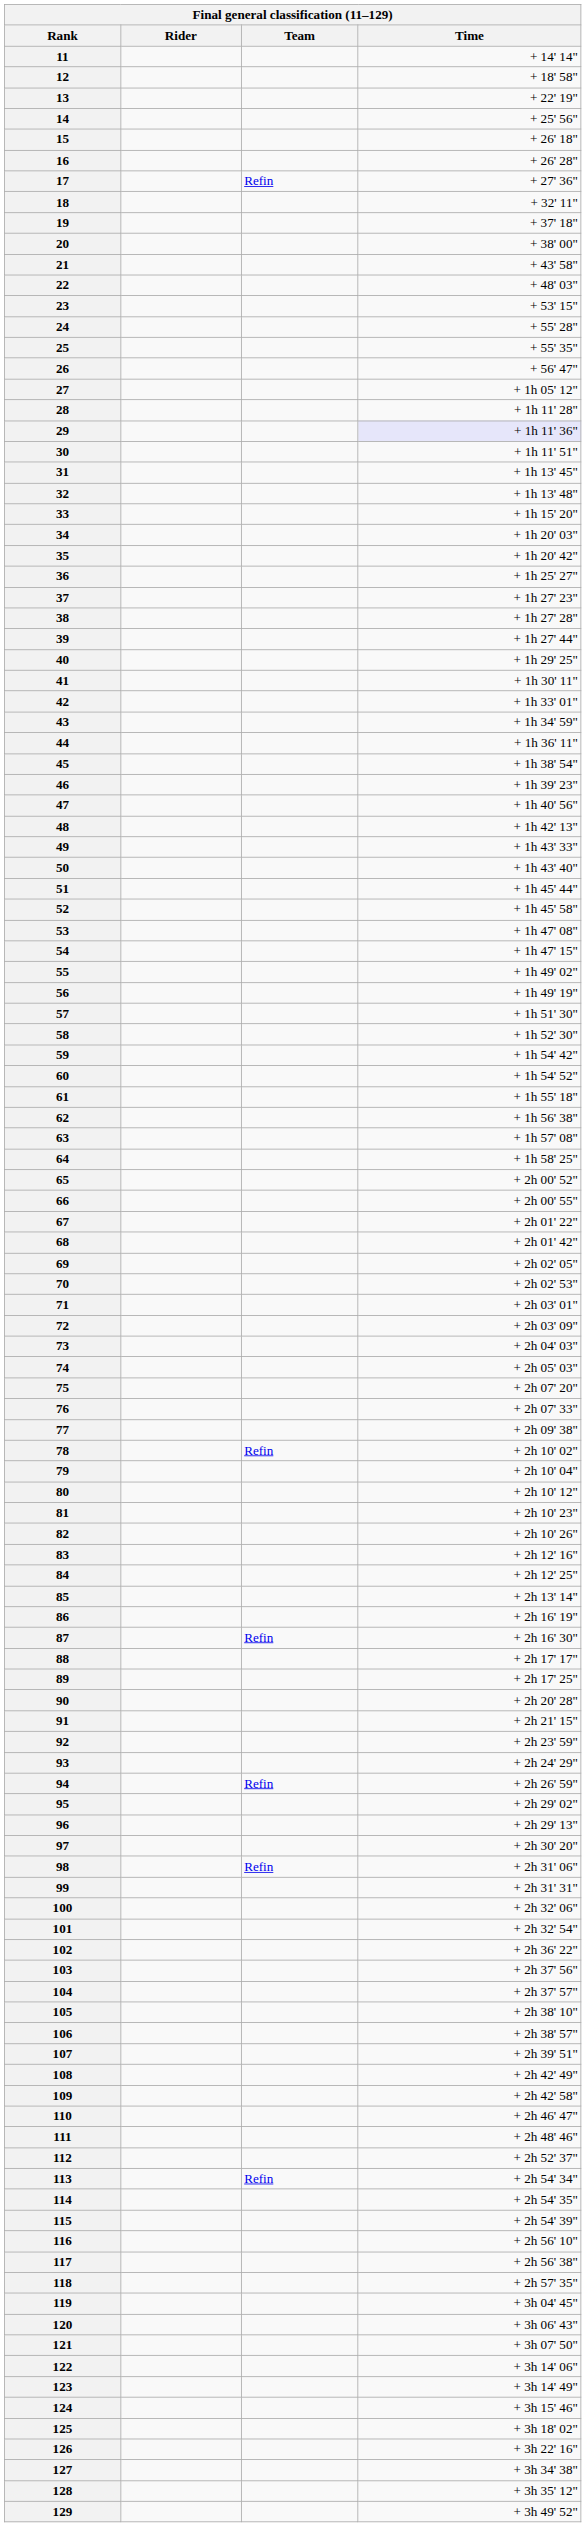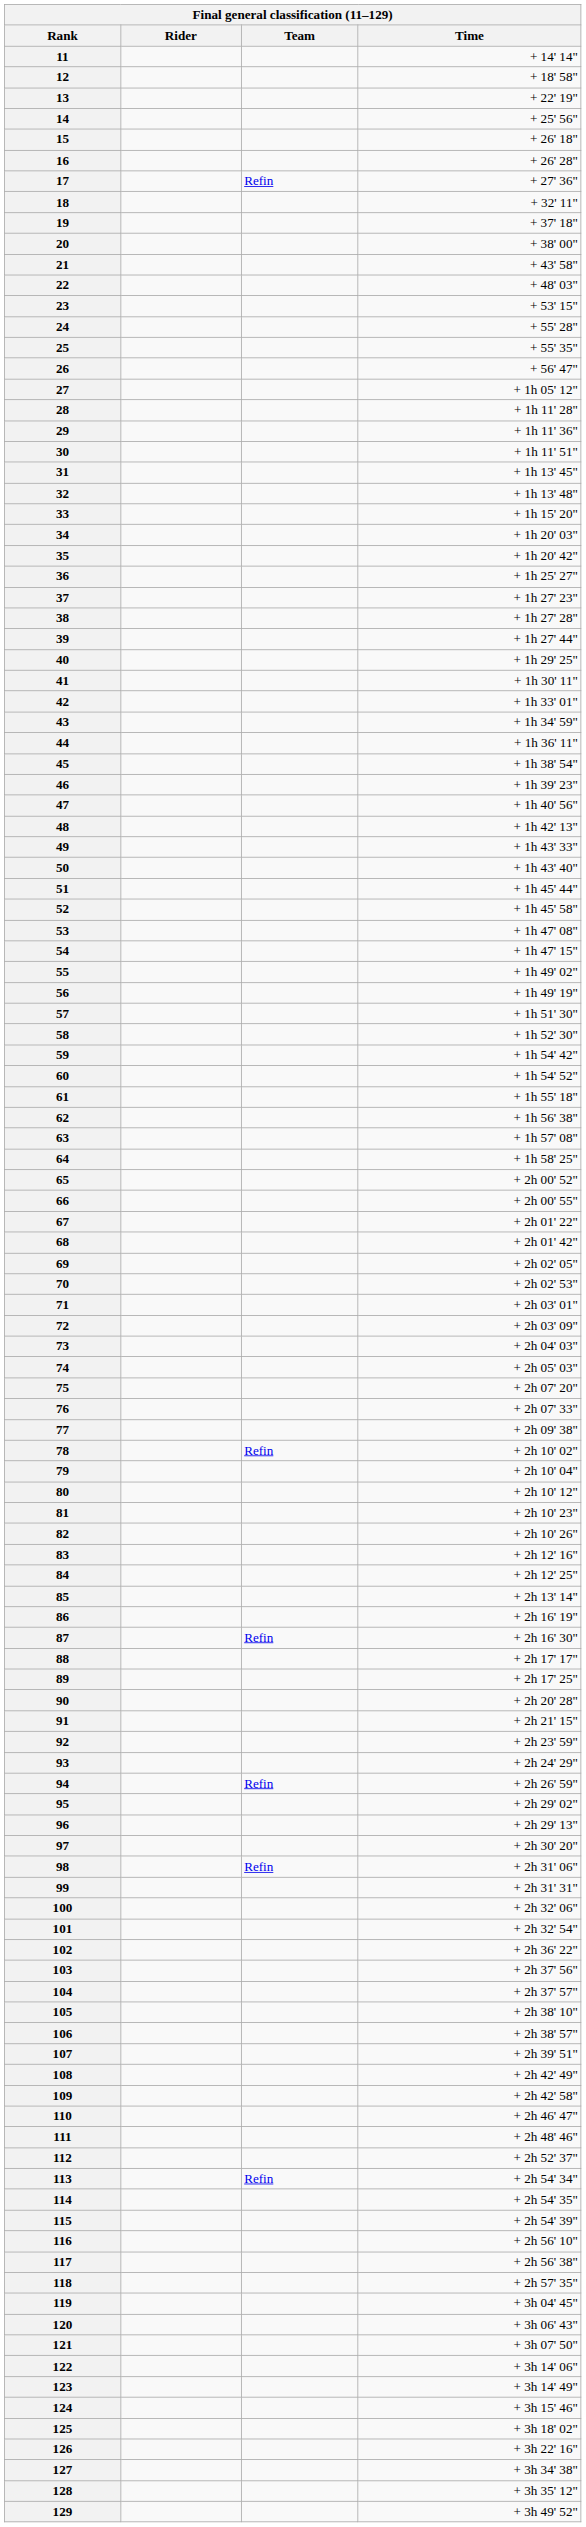 <table class="collapsible collapsed wikitable" style="width:44em;margin-top:-1px;">
 <tr>
 <th scope="col" colspan="4">Final general classification (11–129)</th>
 </tr>
 <tr>
 <th scope="col">Rank</th>
 <th scope="col">Rider</th>
 <th scope="col">Team</th>
 <th scope="col">Time</th>
 </tr>
 <tr |->
 <th scope="row">11</th>
 <td></td>
 <td></td>
 <td style="text-align:right;">+ 14' 14"</td>
 </tr>
 <tr>
 <th scope="row">12</th>
 <td></td>
 <td></td>
 <td style="text-align:right;">+ 18' 58"</td>
 </tr>
 <tr>
 <th scope="row">13</th>
 <td></td>
 <td></td>
 <td style="text-align:right;">+ 22' 19"</td>
 </tr>
 <tr>
 <th scope="row">14</th>
 <td></td>
 <td></td>
 <td style="text-align:right;">+ 25' 56"</td>
 </tr>
 <tr>
 <th scope="row">15</th>
 <td></td>
 <td></td>
 <td style="text-align:right;">+ 26' 18"</td>
 </tr>
 <tr>
 <th scope="row">16</th>
 <td></td>
 <td></td>
 <td style="text-align:right;">+ 26' 28"</td>
 </tr>
 <tr>
 <th scope="row">17</th>
 <td></td>
 <td><a href='#'>Refin</a></td>
 <td style="text-align:right;">+ 27' 36"</td>
 </tr>
 <tr>
 <th scope="row">18</th>
 <td></td>
 <td></td>
 <td style="text-align:right;">+ 32' 11"</td>
 </tr>
 <tr>
 <th scope="row">19</th>
 <td></td>
 <td></td>
 <td style="text-align:right;">+ 37' 18"</td>
 </tr>
 <tr>
 <th scope="row">20</th>
 <td></td>
 <td></td>
 <td style="text-align:right;">+ 38' 00"</td>
 </tr>
 <tr>
 <th scope="row">21</th>
 <td></td>
 <td></td>
 <td style="text-align:right;">+ 43' 58"</td>
 </tr>
 <tr>
 <th scope="row">22</th>
 <td></td>
 <td></td>
 <td style="text-align:right;">+ 48' 03"</td>
 </tr>
 <tr>
 <th scope="row">23</th>
 <td></td>
 <td></td>
 <td style="text-align:right;">+ 53' 15"</td>
 </tr>
 <tr>
 <th scope="row">24</th>
 <td></td>
 <td></td>
 <td style="text-align:right;">+ 55' 28"</td>
 </tr>
 <tr>
 <th scope="row">25</th>
 <td></td>
 <td></td>
 <td style="text-align:right;">+ 55' 35"</td>
 </tr>
 <tr>
 <th scope="row">26</th>
 <td></td>
 <td></td>
 <td style="text-align:right;">+ 56' 47"</td>
 </tr>
 <tr>
 <th scope="row">27</th>
 <td></td>
 <td></td>
 <td style="text-align:right;">+ 1h 05' 12"</td>
 </tr>
 <tr>
 <th scope="row">28</th>
 <td></td>
 <td></td>
 <td style="text-align:right;">+ 1h 11' 28"</td>
 </tr>
 <tr>
 <th scope="row">29</th>
 <td></td>
 <td></td>
-<td style="background: lavender; text-align:right;">+ 1h 11' 36"</td>
+<td style="text-align:right;">+ 1h 11' 36"</td>
 </tr>
 <tr>
 <th scope="row">30</th>
 <td></td>
 <td></td>
 <td style="text-align:right;">+ 1h 11' 51"</td>
 </tr>
 <tr>
 <th scope="row">31</th>
 <td></td>
 <td></td>
 <td style="text-align:right;">+ 1h 13' 45"</td>
 </tr>
 <tr>
 <th scope="row">32</th>
 <td></td>
 <td></td>
 <td style="text-align:right;">+ 1h 13' 48"</td>
 </tr>
 <tr>
 <th scope="row">33</th>
 <td></td>
 <td></td>
 <td style="text-align:right;">+ 1h 15' 20"</td>
 </tr>
 <tr>
 <th scope="row">34</th>
 <td></td>
 <td></td>
 <td style="text-align:right;">+ 1h 20' 03"</td>
 </tr>
 <tr>
 <th scope="row">35</th>
 <td></td>
 <td></td>
 <td style="text-align:right;">+ 1h 20' 42"</td>
 </tr>
 <tr>
 <th scope="row">36</th>
 <td></td>
 <td></td>
 <td style="text-align:right;">+ 1h 25' 27"</td>
 </tr>
 <tr>
 <th scope="row">37</th>
 <td></td>
 <td></td>
 <td style="text-align:right;">+ 1h 27' 23"</td>
 </tr>
 <tr>
 <th scope="row">38</th>
 <td></td>
 <td></td>
 <td style="text-align:right;">+ 1h 27' 28"</td>
 </tr>
 <tr>
 <th scope="row">39</th>
 <td></td>
 <td></td>
 <td style="text-align:right;">+ 1h 27' 44"</td>
 </tr>
 <tr>
 <th scope="row">40</th>
 <td></td>
 <td></td>
 <td style="text-align:right;">+ 1h 29' 25"</td>
 </tr>
 <tr>
 <th scope="row">41</th>
 <td></td>
 <td></td>
 <td style="text-align:right;">+ 1h 30' 11"</td>
 </tr>
 <tr>
 <th scope="row">42</th>
 <td></td>
 <td></td>
 <td style="text-align:right;">+ 1h 33' 01"</td>
 </tr>
 <tr>
 <th scope="row">43</th>
 <td></td>
 <td></td>
 <td style="text-align:right;">+ 1h 34' 59"</td>
 </tr>
 <tr>
 <th scope="row">44</th>
 <td></td>
 <td></td>
 <td style="text-align:right;">+ 1h 36' 11"</td>
 </tr>
 <tr>
 <th scope="row">45</th>
 <td></td>
 <td></td>
 <td style="text-align:right;">+ 1h 38' 54"</td>
 </tr>
 <tr>
 <th scope="row">46</th>
 <td></td>
 <td></td>
 <td style="text-align:right;">+ 1h 39' 23"</td>
 </tr>
 <tr>
 <th scope="row">47</th>
 <td></td>
 <td></td>
 <td style="text-align:right;">+ 1h 40' 56"</td>
 </tr>
 <tr>
 <th scope="row">48</th>
 <td></td>
 <td></td>
 <td style="text-align:right;">+ 1h 42' 13"</td>
 </tr>
 <tr>
 <th scope="row">49</th>
 <td></td>
 <td></td>
 <td style="text-align:right;">+ 1h 43' 33"</td>
 </tr>
 <tr>
 <th scope="row">50</th>
 <td></td>
 <td></td>
 <td style="text-align:right;">+ 1h 43' 40"</td>
 </tr>
 <tr>
 <th scope="row">51</th>
 <td></td>
 <td></td>
 <td style="text-align:right;">+ 1h 45' 44"</td>
 </tr>
 <tr>
 <th scope="row">52</th>
 <td></td>
 <td></td>
 <td style="text-align:right;">+ 1h 45' 58"</td>
 </tr>
 <tr>
 <th scope="row">53</th>
 <td></td>
 <td></td>
 <td style="text-align:right;">+ 1h 47' 08"</td>
 </tr>
 <tr>
 <th scope="row">54</th>
 <td></td>
 <td></td>
 <td style="text-align:right;">+ 1h 47' 15"</td>
 </tr>
 <tr>
 <th scope="row">55</th>
 <td></td>
 <td></td>
 <td style="text-align:right;">+ 1h 49' 02"</td>
 </tr>
 <tr>
 <th scope="row">56</th>
 <td></td>
 <td></td>
 <td style="text-align:right;">+ 1h 49' 19"</td>
 </tr>
 <tr>
 <th scope="row">57</th>
 <td></td>
 <td></td>
 <td style="text-align:right;">+ 1h 51' 30"</td>
 </tr>
 <tr>
 <th scope="row">58</th>
 <td></td>
 <td></td>
 <td style="text-align:right;">+ 1h 52' 30"</td>
 </tr>
 <tr>
 <th scope="row">59</th>
 <td></td>
 <td></td>
 <td style="text-align:right;">+ 1h 54' 42"</td>
 </tr>
 <tr>
 <th scope="row">60</th>
 <td></td>
 <td></td>
 <td style="text-align:right;">+ 1h 54' 52"</td>
 </tr>
 <tr>
 <th scope="row">61</th>
 <td></td>
 <td></td>
 <td style="text-align:right;">+ 1h 55' 18"</td>
 </tr>
 <tr>
 <th scope="row">62</th>
 <td></td>
 <td></td>
 <td style="text-align:right;">+ 1h 56' 38"</td>
 </tr>
 <tr>
 <th scope="row">63</th>
 <td></td>
 <td></td>
 <td style="text-align:right;">+ 1h 57' 08"</td>
 </tr>
 <tr>
 <th scope="row">64</th>
 <td></td>
 <td></td>
 <td style="text-align:right;">+ 1h 58' 25"</td>
 </tr>
 <tr>
 <th scope="row">65</th>
 <td></td>
 <td></td>
 <td style="text-align:right;">+ 2h 00' 52"</td>
 </tr>
 <tr>
 <th scope="row">66</th>
 <td></td>
 <td></td>
 <td style="text-align:right;">+ 2h 00' 55"</td>
 </tr>
 <tr>
 <th scope="row">67</th>
 <td></td>
 <td></td>
 <td style="text-align:right;">+ 2h 01' 22"</td>
 </tr>
 <tr>
 <th scope="row">68</th>
 <td></td>
 <td></td>
 <td style="text-align:right;">+ 2h 01' 42"</td>
 </tr>
 <tr>
 <th scope="row">69</th>
 <td></td>
 <td></td>
 <td style="text-align:right;">+ 2h 02' 05"</td>
 </tr>
 <tr>
 <th scope="row">70</th>
 <td></td>
 <td></td>
 <td style="text-align:right;">+ 2h 02' 53"</td>
 </tr>
 <tr>
 <th scope="row">71</th>
 <td></td>
 <td></td>
 <td style="text-align:right;">+ 2h 03' 01"</td>
 </tr>
 <tr>
 <th scope="row">72</th>
 <td></td>
 <td></td>
 <td style="text-align:right;">+ 2h 03' 09"</td>
 </tr>
 <tr>
 <th scope="row">73</th>
 <td></td>
 <td></td>
 <td style="text-align:right;">+ 2h 04' 03"</td>
 </tr>
 <tr>
 <th scope="row">74</th>
 <td></td>
 <td></td>
 <td style="text-align:right;">+ 2h 05' 03"</td>
 </tr>
 <tr>
 <th scope="row">75</th>
 <td></td>
 <td></td>
 <td style="text-align:right;">+ 2h 07' 20"</td>
 </tr>
 <tr>
 <th scope="row">76</th>
 <td></td>
 <td></td>
 <td style="text-align:right;">+ 2h 07' 33"</td>
 </tr>
 <tr>
 <th scope="row">77</th>
 <td></td>
 <td></td>
 <td style="text-align:right;">+ 2h 09' 38"</td>
 </tr>
 <tr>
 <th scope="row">78</th>
 <td></td>
 <td><a href='#'>Refin</a></td>
 <td style="text-align:right;">+ 2h 10' 02"</td>
 </tr>
 <tr>
 <th scope="row">79</th>
 <td></td>
 <td></td>
 <td style="text-align:right;">+ 2h 10' 04"</td>
 </tr>
 <tr>
 <th scope="row">80</th>
 <td></td>
 <td></td>
 <td style="text-align:right;">+ 2h 10' 12"</td>
 </tr>
 <tr>
 <th scope="row">81</th>
 <td></td>
 <td></td>
 <td style="text-align:right;">+ 2h 10' 23"</td>
 </tr>
 <tr>
 <th scope="row">82</th>
 <td> </td>
 <td></td>
 <td style="text-align:right;">+ 2h 10' 26"</td>
 </tr>
 <tr>
 <th scope="row">83</th>
 <td></td>
 <td></td>
 <td style="text-align:right;">+ 2h 12' 16"</td>
 </tr>
 <tr>
 <th scope="row">84</th>
 <td></td>
 <td></td>
 <td style="text-align:right;">+ 2h 12' 25"</td>
 </tr>
 <tr>
 <th scope="row">85</th>
 <td></td>
 <td></td>
 <td style="text-align:right;">+ 2h 13' 14"</td>
 </tr>
 <tr>
 <th scope="row">86</th>
 <td></td>
 <td></td>
 <td style="text-align:right;">+ 2h 16' 19"</td>
 </tr>
 <tr>
 <th scope="row">87</th>
 <td></td>
 <td><a href='#'>Refin</a></td>
 <td style="text-align:right;">+ 2h 16' 30"</td>
 </tr>
 <tr>
 <th scope="row">88</th>
 <td></td>
 <td></td>
 <td style="text-align:right;">+ 2h 17' 17"</td>
 </tr>
 <tr>
 <th scope="row">89</th>
 <td></td>
 <td></td>
 <td style="text-align:right;">+ 2h 17' 25"</td>
 </tr>
 <tr>
 <th scope="row">90</th>
 <td></td>
 <td></td>
 <td style="text-align:right;">+ 2h 20' 28"</td>
 </tr>
 <tr>
 <th scope="row">91</th>
 <td></td>
 <td></td>
 <td style="text-align:right;">+ 2h 21' 15"</td>
 </tr>
 <tr>
 <th scope="row">92</th>
 <td></td>
 <td></td>
 <td style="text-align:right;">+ 2h 23' 59"</td>
 </tr>
 <tr>
 <th scope="row">93</th>
 <td></td>
 <td></td>
 <td style="text-align:right;">+ 2h 24' 29"</td>
 </tr>
 <tr>
 <th scope="row">94</th>
 <td></td>
 <td><a href='#'>Refin</a></td>
 <td style="text-align:right;">+ 2h 26' 59"</td>
 </tr>
 <tr>
 <th scope="row">95</th>
 <td></td>
 <td></td>
 <td style="text-align:right;">+ 2h 29' 02"</td>
 </tr>
 <tr>
 <th scope="row">96</th>
 <td></td>
 <td></td>
 <td style="text-align:right;">+ 2h 29' 13"</td>
 </tr>
 <tr>
 <th scope="row">97</th>
 <td></td>
 <td></td>
 <td style="text-align:right;">+ 2h 30' 20"</td>
 </tr>
 <tr>
 <th scope="row">98</th>
 <td></td>
 <td><a href='#'>Refin</a></td>
 <td style="text-align:right;">+ 2h 31' 06"</td>
 </tr>
 <tr>
 <th scope="row">99</th>
 <td></td>
 <td></td>
 <td style="text-align:right;">+ 2h 31' 31"</td>
 </tr>
 <tr>
 <th scope="row">100</th>
 <td></td>
 <td></td>
 <td style="text-align:right;">+ 2h 32' 06"</td>
 </tr>
 <tr>
 <th scope="row">101</th>
 <td></td>
 <td></td>
 <td style="text-align:right;">+ 2h 32' 54"</td>
 </tr>
 <tr>
 <th scope="row">102</th>
 <td></td>
 <td></td>
 <td style="text-align:right;">+ 2h 36' 22"</td>
 </tr>
 <tr>
 <th scope="row">103</th>
 <td></td>
 <td></td>
 <td style="text-align:right;">+ 2h 37' 56"</td>
 </tr>
 <tr>
 <th scope="row">104</th>
 <td></td>
 <td></td>
 <td style="text-align:right;">+ 2h 37' 57"</td>
 </tr>
 <tr>
 <th scope="row">105</th>
 <td></td>
 <td></td>
 <td style="text-align:right;">+ 2h 38' 10"</td>
 </tr>
 <tr>
 <th scope="row">106</th>
 <td></td>
 <td></td>
 <td style="text-align:right;">+ 2h 38' 57"</td>
 </tr>
 <tr>
 <th scope="row">107</th>
 <td></td>
 <td></td>
 <td style="text-align:right;">+ 2h 39' 51"</td>
 </tr>
 <tr>
 <th scope="row">108</th>
 <td></td>
 <td></td>
 <td style="text-align:right;">+ 2h 42' 49"</td>
 </tr>
 <tr>
 <th scope="row">109</th>
 <td></td>
 <td></td>
 <td style="text-align:right;">+ 2h 42' 58"</td>
 </tr>
 <tr>
 <th scope="row">110</th>
 <td></td>
 <td></td>
 <td style="text-align:right;">+ 2h 46' 47"</td>
 </tr>
 <tr>
 <th scope="row">111</th>
 <td></td>
 <td></td>
 <td style="text-align:right;">+ 2h 48' 46"</td>
 </tr>
 <tr>
 <th scope="row">112</th>
 <td></td>
 <td></td>
 <td style="text-align:right;">+ 2h 52' 37"</td>
 </tr>
 <tr>
 <th scope="row">113</th>
 <td></td>
 <td><a href='#'>Refin</a></td>
 <td style="text-align:right;">+ 2h 54' 34"</td>
 </tr>
 <tr>
 <th scope="row">114</th>
 <td></td>
 <td></td>
 <td style="text-align:right;">+ 2h 54' 35"</td>
 </tr>
 <tr>
 <th scope="row">115</th>
 <td></td>
 <td></td>
 <td style="text-align:right;">+ 2h 54' 39"</td>
 </tr>
 <tr>
 <th scope="row">116</th>
 <td></td>
 <td></td>
 <td style="text-align:right;">+ 2h 56' 10"</td>
 </tr>
 <tr>
 <th scope="row">117</th>
 <td></td>
 <td></td>
 <td style="text-align:right;">+ 2h 56' 38"</td>
 </tr>
 <tr>
 <th scope="row">118</th>
 <td></td>
 <td></td>
 <td style="text-align:right;">+ 2h 57' 35"</td>
 </tr>
 <tr>
 <th scope="row">119</th>
 <td></td>
 <td></td>
 <td style="text-align:right;">+ 3h 04' 45"</td>
 </tr>
 <tr>
 <th scope="row">120</th>
 <td></td>
 <td></td>
 <td style="text-align:right;">+ 3h 06' 43"</td>
 </tr>
 <tr>
 <th scope="row">121</th>
 <td></td>
 <td></td>
 <td style="text-align:right;">+ 3h 07' 50"</td>
 </tr>
 <tr>
 <th scope="row">122</th>
 <td></td>
 <td></td>
 <td style="text-align:right;">+ 3h 14' 06"</td>
 </tr>
 <tr>
 <th scope="row">123</th>
 <td></td>
 <td></td>
 <td style="text-align:right;">+ 3h 14' 49"</td>
 </tr>
 <tr>
 <th scope="row">124</th>
 <td></td>
 <td></td>
 <td style="text-align:right;">+ 3h 15' 46"</td>
 </tr>
 <tr>
 <th scope="row">125</th>
 <td></td>
 <td></td>
 <td style="text-align:right;">+ 3h 18' 02"</td>
 </tr>
 <tr>
 <th scope="row">126</th>
 <td></td>
 <td></td>
 <td style="text-align:right;">+ 3h 22' 16"</td>
 </tr>
 <tr>
 <th scope="row">127</th>
 <td></td>
 <td></td>
 <td style="text-align:right;">+ 3h 34' 38"</td>
 </tr>
 <tr>
 <th scope="row">128</th>
 <td></td>
 <td></td>
 <td style="text-align:right;">+ 3h 35' 12"</td>
 </tr>
 <tr>
 <th scope="row">129</th>
 <td></td>
 <td></td>
 <td style="text-align:right;">+ 3h 49' 52"</td>
 </tr>
 </table>
